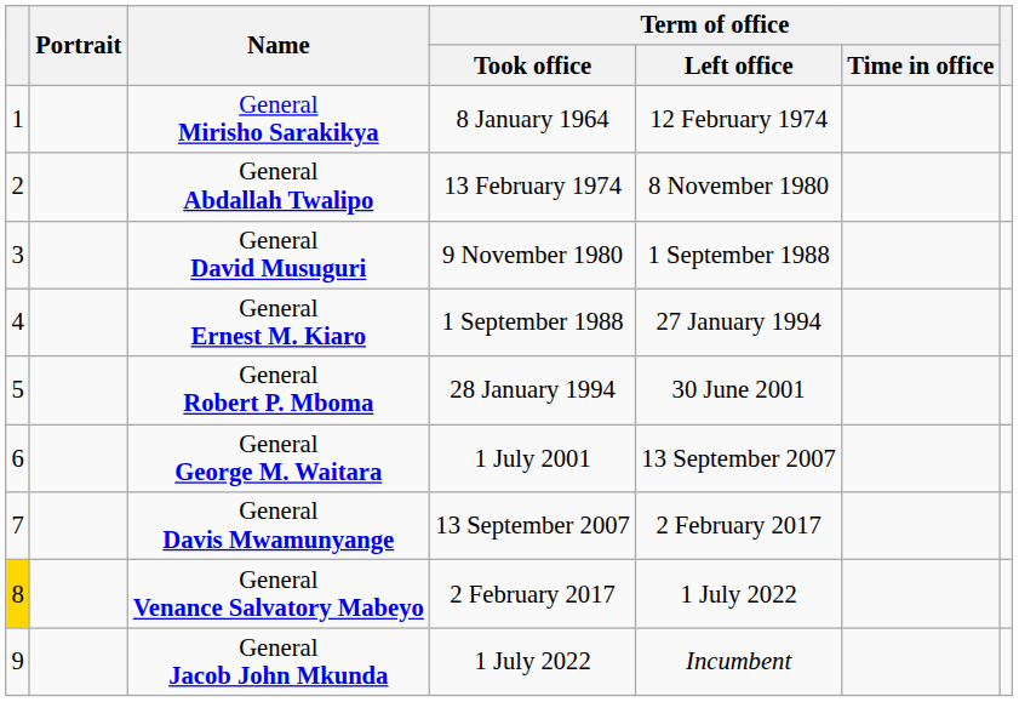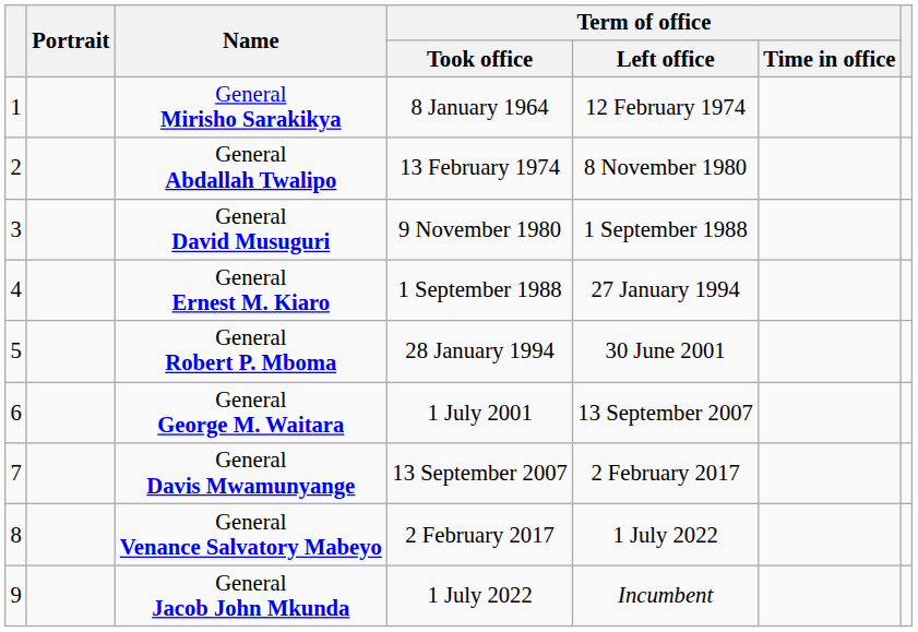 <table class="wikitable" style="text-align:center">
 <tr>
 <th rowspan=2></th>
 <th rowspan=2>Portrait</th>
 <th rowspan=2>Name<br></th>
 <th colspan=3>Term of office</th>
 <th rowspan=2></th>
 </tr>
 <tr>
 <th>Took office</th>
 <th>Left office</th>
 <th>Time in office</th>
 </tr>
 <tr>
 <td>1</td>
 <td></td>
 <td><a href='#'>General</a><br><strong><a href='#'>Mirisho Sarakikya</a></strong></td>
 <td>8 January 1964</td>
 <td>12 February 1974</td>
 <td></td>
 <td></td>
 </tr>
 <tr>
 <td>2</td>
 <td></td>
 <td>General<br><strong><a href='#'>Abdallah Twalipo</a></strong></td>
 <td>13 February 1974</td>
 <td>8 November 1980</td>
 <td></td>
 <td></td>
 </tr>
 <tr>
 <td>3</td>
 <td></td>
 <td>General<br><strong><a href='#'>David Musuguri</a></strong><br></td>
 <td>9 November 1980</td>
 <td>1 September 1988</td>
 <td></td>
 <td></td>
 </tr>
 <tr>
 <td>4</td>
 <td></td>
 <td>General<br><strong><a href='#'>Ernest M. Kiaro</a></strong></td>
 <td>1 September 1988</td>
 <td>27 January 1994</td>
 <td></td>
 <td></td>
 </tr>
 <tr>
 <td>5</td>
 <td></td>
 <td>General<br><strong><a href='#'>Robert P. Mboma</a></strong></td>
 <td>28 January 1994</td>
 <td>30 June 2001</td>
 <td></td>
 <td></td>
 </tr>
 <tr>
 <td>6</td>
 <td></td>
 <td>General<br><strong><a href='#'>George M. Waitara</a></strong></td>
 <td>1 July 2001</td>
 <td>13 September 2007</td>
 <td></td>
 <td></td>
 </tr>
 <tr>
 <td>7</td>
 <td></td>
 <td>General<br><strong><a href='#'>Davis Mwamunyange</a></strong><br></td>
 <td>13 September 2007</td>
 <td>2 February 2017</td>
 <td></td>
 <td></td>
 </tr>
 <tr>
-<td style="background: gold;">8</td>
+<td>8</td>
 <td></td>
 <td>General<br><strong><a href='#'>Venance Salvatory Mabeyo</a></strong><br></td>
 <td>2 February 2017</td>
 <td>1 July 2022</td>
 <td></td>
 <td></td>
 </tr>
 <tr>
 <td>9</td>
 <td></td>
 <td>General<br><strong><a href='#'>Jacob John Mkunda</a></strong><br></td>
 <td>1 July 2022</td>
 <td><em>Incumbent</em></td>
 <td></td>
 <td></td>
 </tr>
 </table>
